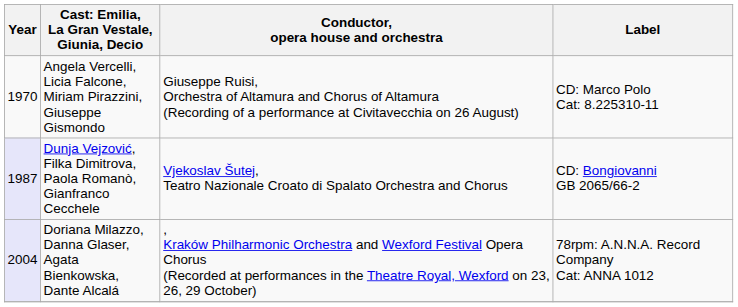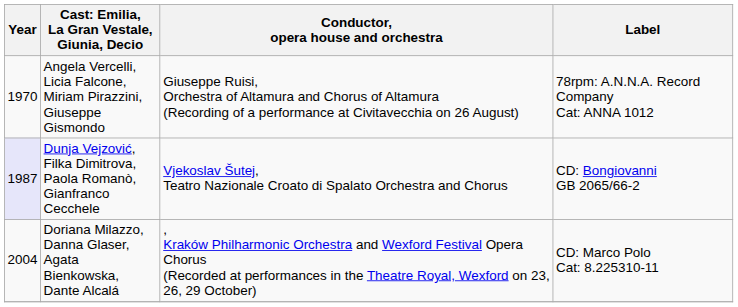 <table class="wikitable">
 <tr>
 <th>Year</th>
 <th>Cast: Emilia,<br>La Gran Vestale,<br> Giunia, Decio</th>
 <th>Conductor,<br>opera house and orchestra</th>
 <th>Label</th>
 </tr>
 <tr>
 <td>1970</td>
 <td>Angela Vercelli,<br>Licia Falcone,<br>Miriam Pirazzini,<br>Giuseppe Gismondo</td>
 <td>Giuseppe Ruisi,<br>Orchestra of Altamura and Chorus of Altamura<br>(Recording of a performance at Civitavecchia on 26 August)</td>
-<td>CD: Marco Polo<br>Cat: 8.225310-11</td>
+<td>78rpm: A.N.N.A. Record Company<br>Cat: ANNA 1012</td>
 </tr>
 <tr>
 <td style="background: lavender;">1987</td>
 <td><a href='#'>Dunja Vejzović</a>,<br>Filka Dimitrova,<br>Paola Romanò,<br>Gianfranco Cecchele</td>
 <td><a href='#'>Vjekoslav Šutej</a>,<br>Teatro Nazionale Croato di Spalato Orchestra and Chorus</td>
 <td>CD: <a href='#'>Bongiovanni</a><br>GB 2065/66-2</td>
 </tr>
 <tr>
-<td style="background: lavender;">2004</td>
+<td>2004</td>
 <td>Doriana Milazzo,<br>Danna Glaser,<br>Agata Bienkowska,<br>Dante Alcalá</td>
 <td>,<br><a href='#'>Kraków Philharmonic Orchestra</a> and <a href='#'>Wexford Festival</a> Opera Chorus<br>(Recorded at performances in the <a href='#'>Theatre Royal, Wexford</a> on 23, 26, 29 October)</td>
-<td>78rpm: A.N.N.A. Record Company<br>Cat: ANNA 1012</td>
+<td>CD: Marco Polo<br>Cat: 8.225310-11</td>
 </tr>
 <tr>
 </tr>
 </table>
